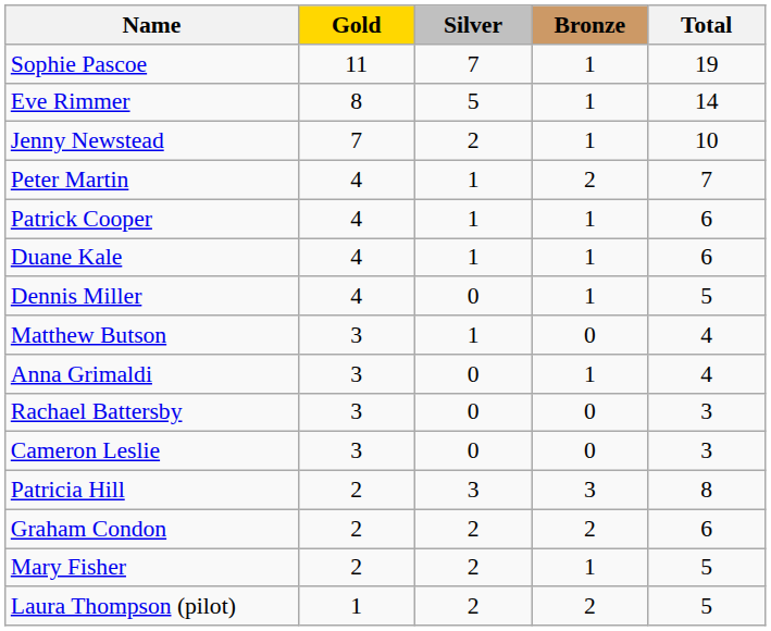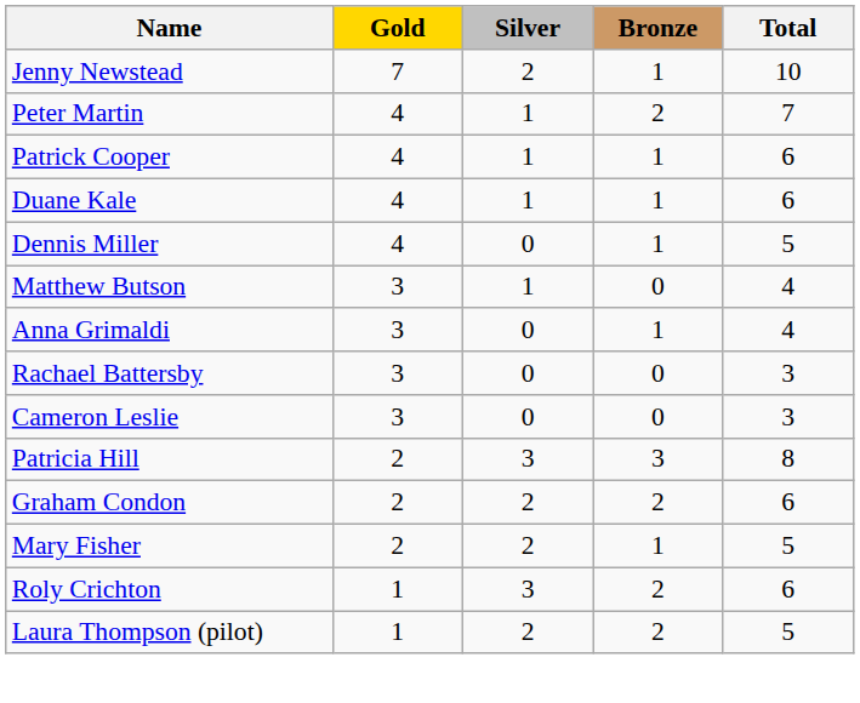 <table class="wikitable sortable" border="1" style="text-align:center; font-size:90%;">
 <tr>
 <th style="width:12em;">Name</th>
 <td style="background:gold; width:4.5em; font-weight:bold;">Gold</td>
 <td style="background:silver; width:4.5em; font-weight:bold;">Silver</td>
 <td style="background:#cc9966; width:4.5em; font-weight:bold;">Bronze</td>
 <th style="width:4.5em;">Total</th>
-</tr>
-<tr>
-<td style="text-align:left"><a href='#'>Sophie Pascoe</a></td>
-<td>11</td>
-<td>7</td>
-<td>1</td>
-<td>19</td>
-</tr>
-<tr>
-<td style="text-align:left"><a href='#'>Eve Rimmer</a></td>
-<td>8</td>
-<td>5</td>
-<td>1</td>
-<td>14</td>
 </tr>
 <tr>
 <td style="text-align:left"><a href='#'>Jenny Newstead</a></td>
 <td>7</td>
 <td>2</td>
 <td>1</td>
 <td>10</td>
 </tr>
 <tr>
 <td style="text-align:left"><a href='#'>Peter Martin</a></td>
 <td>4</td>
 <td>1</td>
 <td>2</td>
 <td>7</td>
 </tr>
 <tr>
 <td style="text-align:left"><a href='#'>Patrick Cooper</a></td>
 <td>4</td>
 <td>1</td>
 <td>1</td>
 <td>6</td>
 </tr>
 <tr>
 <td style="text-align:left"><a href='#'>Duane Kale</a></td>
 <td>4</td>
 <td>1</td>
 <td>1</td>
 <td>6</td>
 </tr>
 <tr>
 <td style="text-align:left"><a href='#'>Dennis Miller</a></td>
 <td>4</td>
 <td>0</td>
 <td>1</td>
 <td>5</td>
 </tr>
 <tr>
 <td style="text-align:left"><a href='#'>Matthew Butson</a></td>
 <td>3</td>
 <td>1</td>
 <td>0</td>
 <td>4</td>
 </tr>
 <tr>
 <td style="text-align:left"><a href='#'>Anna Grimaldi</a></td>
 <td>3</td>
 <td>0</td>
 <td>1</td>
 <td>4</td>
 </tr>
 <tr>
 <td style="text-align:left"><a href='#'>Rachael Battersby</a></td>
 <td>3</td>
 <td>0</td>
 <td>0</td>
 <td>3</td>
 </tr>
 <tr>
 <td style="text-align:left"><a href='#'>Cameron Leslie</a></td>
 <td>3</td>
 <td>0</td>
 <td>0</td>
 <td>3</td>
 </tr>
 <tr>
 <td style="text-align:left"><a href='#'>Patricia Hill</a></td>
 <td>2</td>
 <td>3</td>
 <td>3</td>
 <td>8</td>
 </tr>
 <tr>
 <td style="text-align:left"><a href='#'>Graham Condon</a></td>
 <td>2</td>
 <td>2</td>
 <td>2</td>
 <td>6</td>
 </tr>
 <tr>
 <td style="text-align:left"><a href='#'>Mary Fisher</a></td>
 <td>2</td>
 <td>2</td>
 <td>1</td>
 <td>5</td>
 </tr>
 <tr>
+<td style="text-align:left"><a href='#'>Roly Crichton</a></td>
+<td>1</td>
+<td>3</td>
+<td>2</td>
+<td>6</td>
+</tr>
+<tr>
 <td style="text-align:left"><a href='#'>Laura Thompson</a> (pilot)</td>
 <td>1</td>
 <td>2</td>
 <td>2</td>
 <td>5</td>
 </tr>
 </table>
